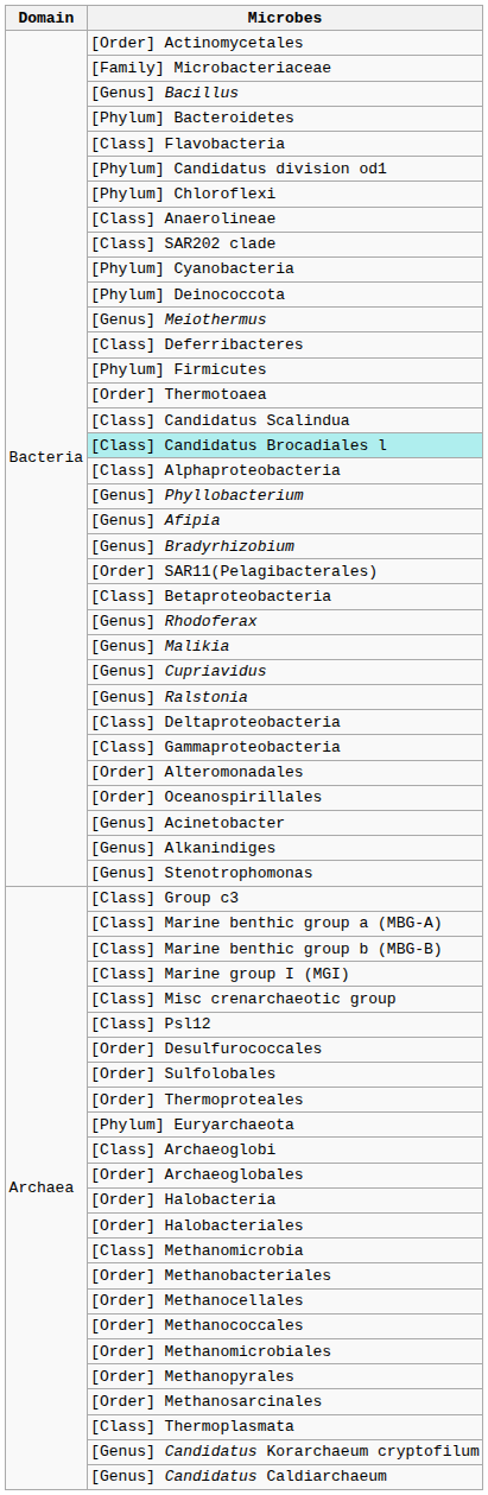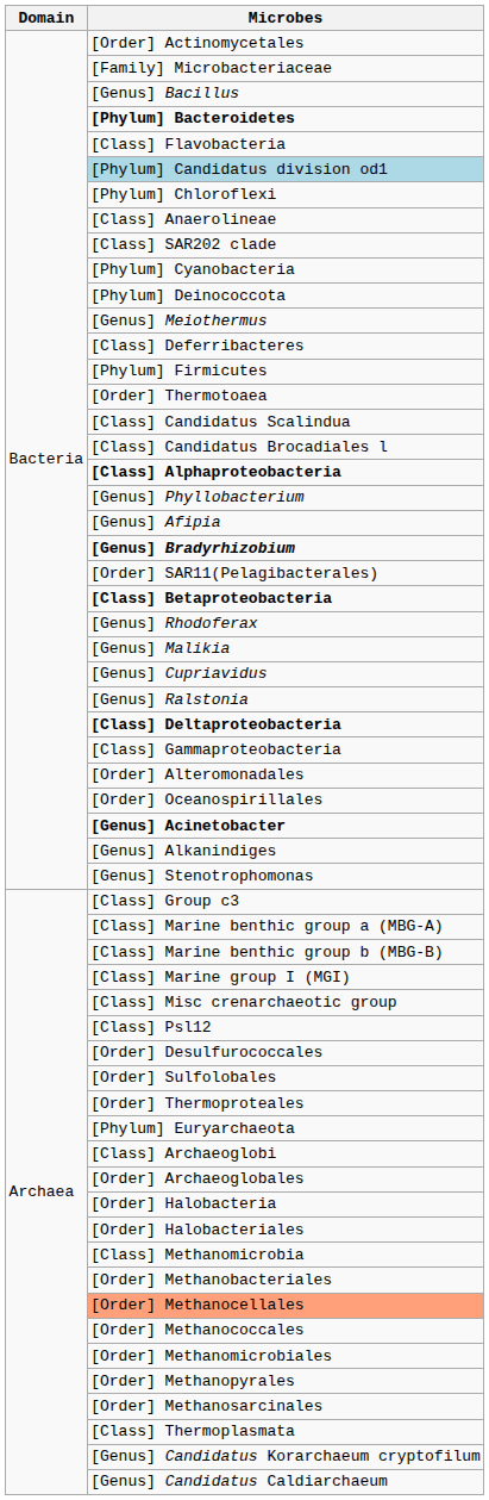 <table class="wikitable">
 <tr>
 <th>Domain</th>
 <th>Microbes</th>
 </tr>
 <tr>
 <td rowspan="34">Bacteria</td>
 <td>[Order] Actinomycetales</td>
 </tr>
 <tr>
 <td>[Family] Microbacteriaceae</td>
 </tr>
 <tr>
 <td>[Genus] <em>Bacillus</em></td>
 </tr>
 <tr>
-<td>[Phylum] Bacteroidetes</td>
+<td><strong>[Phylum] Bacteroidetes</strong></td>
 </tr>
 <tr>
 <td>[Class] Flavobacteria</td>
 </tr>
 <tr>
-<td>[Phylum] Candidatus division od1</td>
+<td style="background: lightblue;">[Phylum] Candidatus division od1</td>
 </tr>
 <tr>
 <td>[Phylum] Chloroflexi</td>
 </tr>
 <tr>
 <td>[Class] Anaerolineae</td>
 </tr>
 <tr>
 <td>[Class] SAR202 clade</td>
 </tr>
 <tr>
 <td>[Phylum] Cyanobacteria</td>
 </tr>
 <tr>
 <td>[Phylum] Deinococcota</td>
 </tr>
 <tr>
 <td>[Genus] <em>Meiothermus</em></td>
 </tr>
 <tr>
 <td>[Class] Deferribacteres</td>
 </tr>
 <tr>
 <td>[Phylum] Firmicutes</td>
 </tr>
 <tr>
 <td>[Order] Thermotoaea</td>
 </tr>
 <tr>
 <td>[Class] Candidatus Scalindua</td>
 </tr>
 <tr>
-<td style="background: paleturquoise;">[Class] Candidatus Brocadiales l</td>
+<td>[Class] Candidatus Brocadiales l</td>
 </tr>
 <tr>
-<td>[Class] Alphaproteobacteria</td>
+<td><strong>[Class] Alphaproteobacteria</strong></td>
 </tr>
 <tr>
 <td>[Genus] <em>Phyllobacterium</em></td>
 </tr>
 <tr>
 <td>[Genus] <em>Afipia</em></td>
 </tr>
 <tr>
-<td>[Genus] <em>Bradyrhizobium</em></td>
+<td><strong>[Genus] <em>Bradyrhizobium</em></strong></td>
 </tr>
 <tr>
 <td>[Order] SAR11(Pelagibacterales)</td>
 </tr>
 <tr>
-<td>[Class] Betaproteobacteria</td>
+<td><strong>[Class] Betaproteobacteria</strong></td>
 </tr>
 <tr>
 <td>[Genus] <em>Rhodoferax</em></td>
 </tr>
 <tr>
 <td>[Genus] <em>Malikia</em></td>
 </tr>
 <tr>
 <td>[Genus] <em>Cupriavidus</em></td>
 </tr>
 <tr>
 <td>[Genus] <em>Ralstonia</em></td>
 </tr>
 <tr>
-<td>[Class] Deltaproteobacteria</td>
+<td><strong>[Class] Deltaproteobacteria</strong></td>
 </tr>
 <tr>
 <td>[Class] Gammaproteobacteria</td>
 </tr>
 <tr>
 <td>[Order] Alteromonadales</td>
 </tr>
 <tr>
 <td>[Order] Oceanospirillales</td>
 </tr>
 <tr>
-<td>[Genus] Acinetobacter</td>
+<td><strong>[Genus] Acinetobacter</strong></td>
 </tr>
 <tr>
 <td>[Genus] Alkanindiges</td>
 </tr>
 <tr>
 <td>[Genus] Stenotrophomonas</td>
 </tr>
 <tr>
 <td rowspan="24">Archaea</td>
 <td>[Class] Group c3</td>
 </tr>
 <tr>
 <td>[Class] Marine benthic group a (MBG-A)</td>
 </tr>
 <tr>
 <td>[Class] Marine benthic group b (MBG-B)</td>
 </tr>
 <tr>
 <td>[Class] Marine group I (MGI)</td>
 </tr>
 <tr>
 <td>[Class] Misc crenarchaeotic group</td>
 </tr>
 <tr>
 <td>[Class] Psl12</td>
 </tr>
 <tr>
 <td>[Order] Desulfurococcales</td>
 </tr>
 <tr>
 <td>[Order] Sulfolobales</td>
 </tr>
 <tr>
 <td>[Order] Thermoproteales</td>
 </tr>
 <tr>
 <td>[Phylum] Euryarchaeota</td>
 </tr>
 <tr>
 <td>[Class] Archaeoglobi</td>
 </tr>
 <tr>
 <td>[Order] Archaeoglobales</td>
 </tr>
 <tr>
 <td>[Order] Halobacteria</td>
 </tr>
 <tr>
 <td>[Order] Halobacteriales</td>
 </tr>
 <tr>
 <td>[Class] Methanomicrobia</td>
 </tr>
 <tr>
 <td>[Order] Methanobacteriales</td>
 </tr>
 <tr>
-<td>[Order] Methanocellales</td>
+<td style="background: lightsalmon;">[Order] Methanocellales</td>
 </tr>
 <tr>
 <td>[Order] Methanococcales</td>
 </tr>
 <tr>
 <td>[Order] Methanomicrobiales</td>
 </tr>
 <tr>
 <td>[Order] Methanopyrales</td>
 </tr>
 <tr>
 <td>[Order] Methanosarcinales</td>
 </tr>
 <tr>
 <td>[Class] Thermoplasmata</td>
 </tr>
 <tr>
 <td>[Genus] <em>Candidatus</em> Korarchaeum cryptofilum</td>
 </tr>
 <tr>
 <td>[Genus] <em>Candidatus</em> Caldiarchaeum</td>
 </tr>
 </table>
